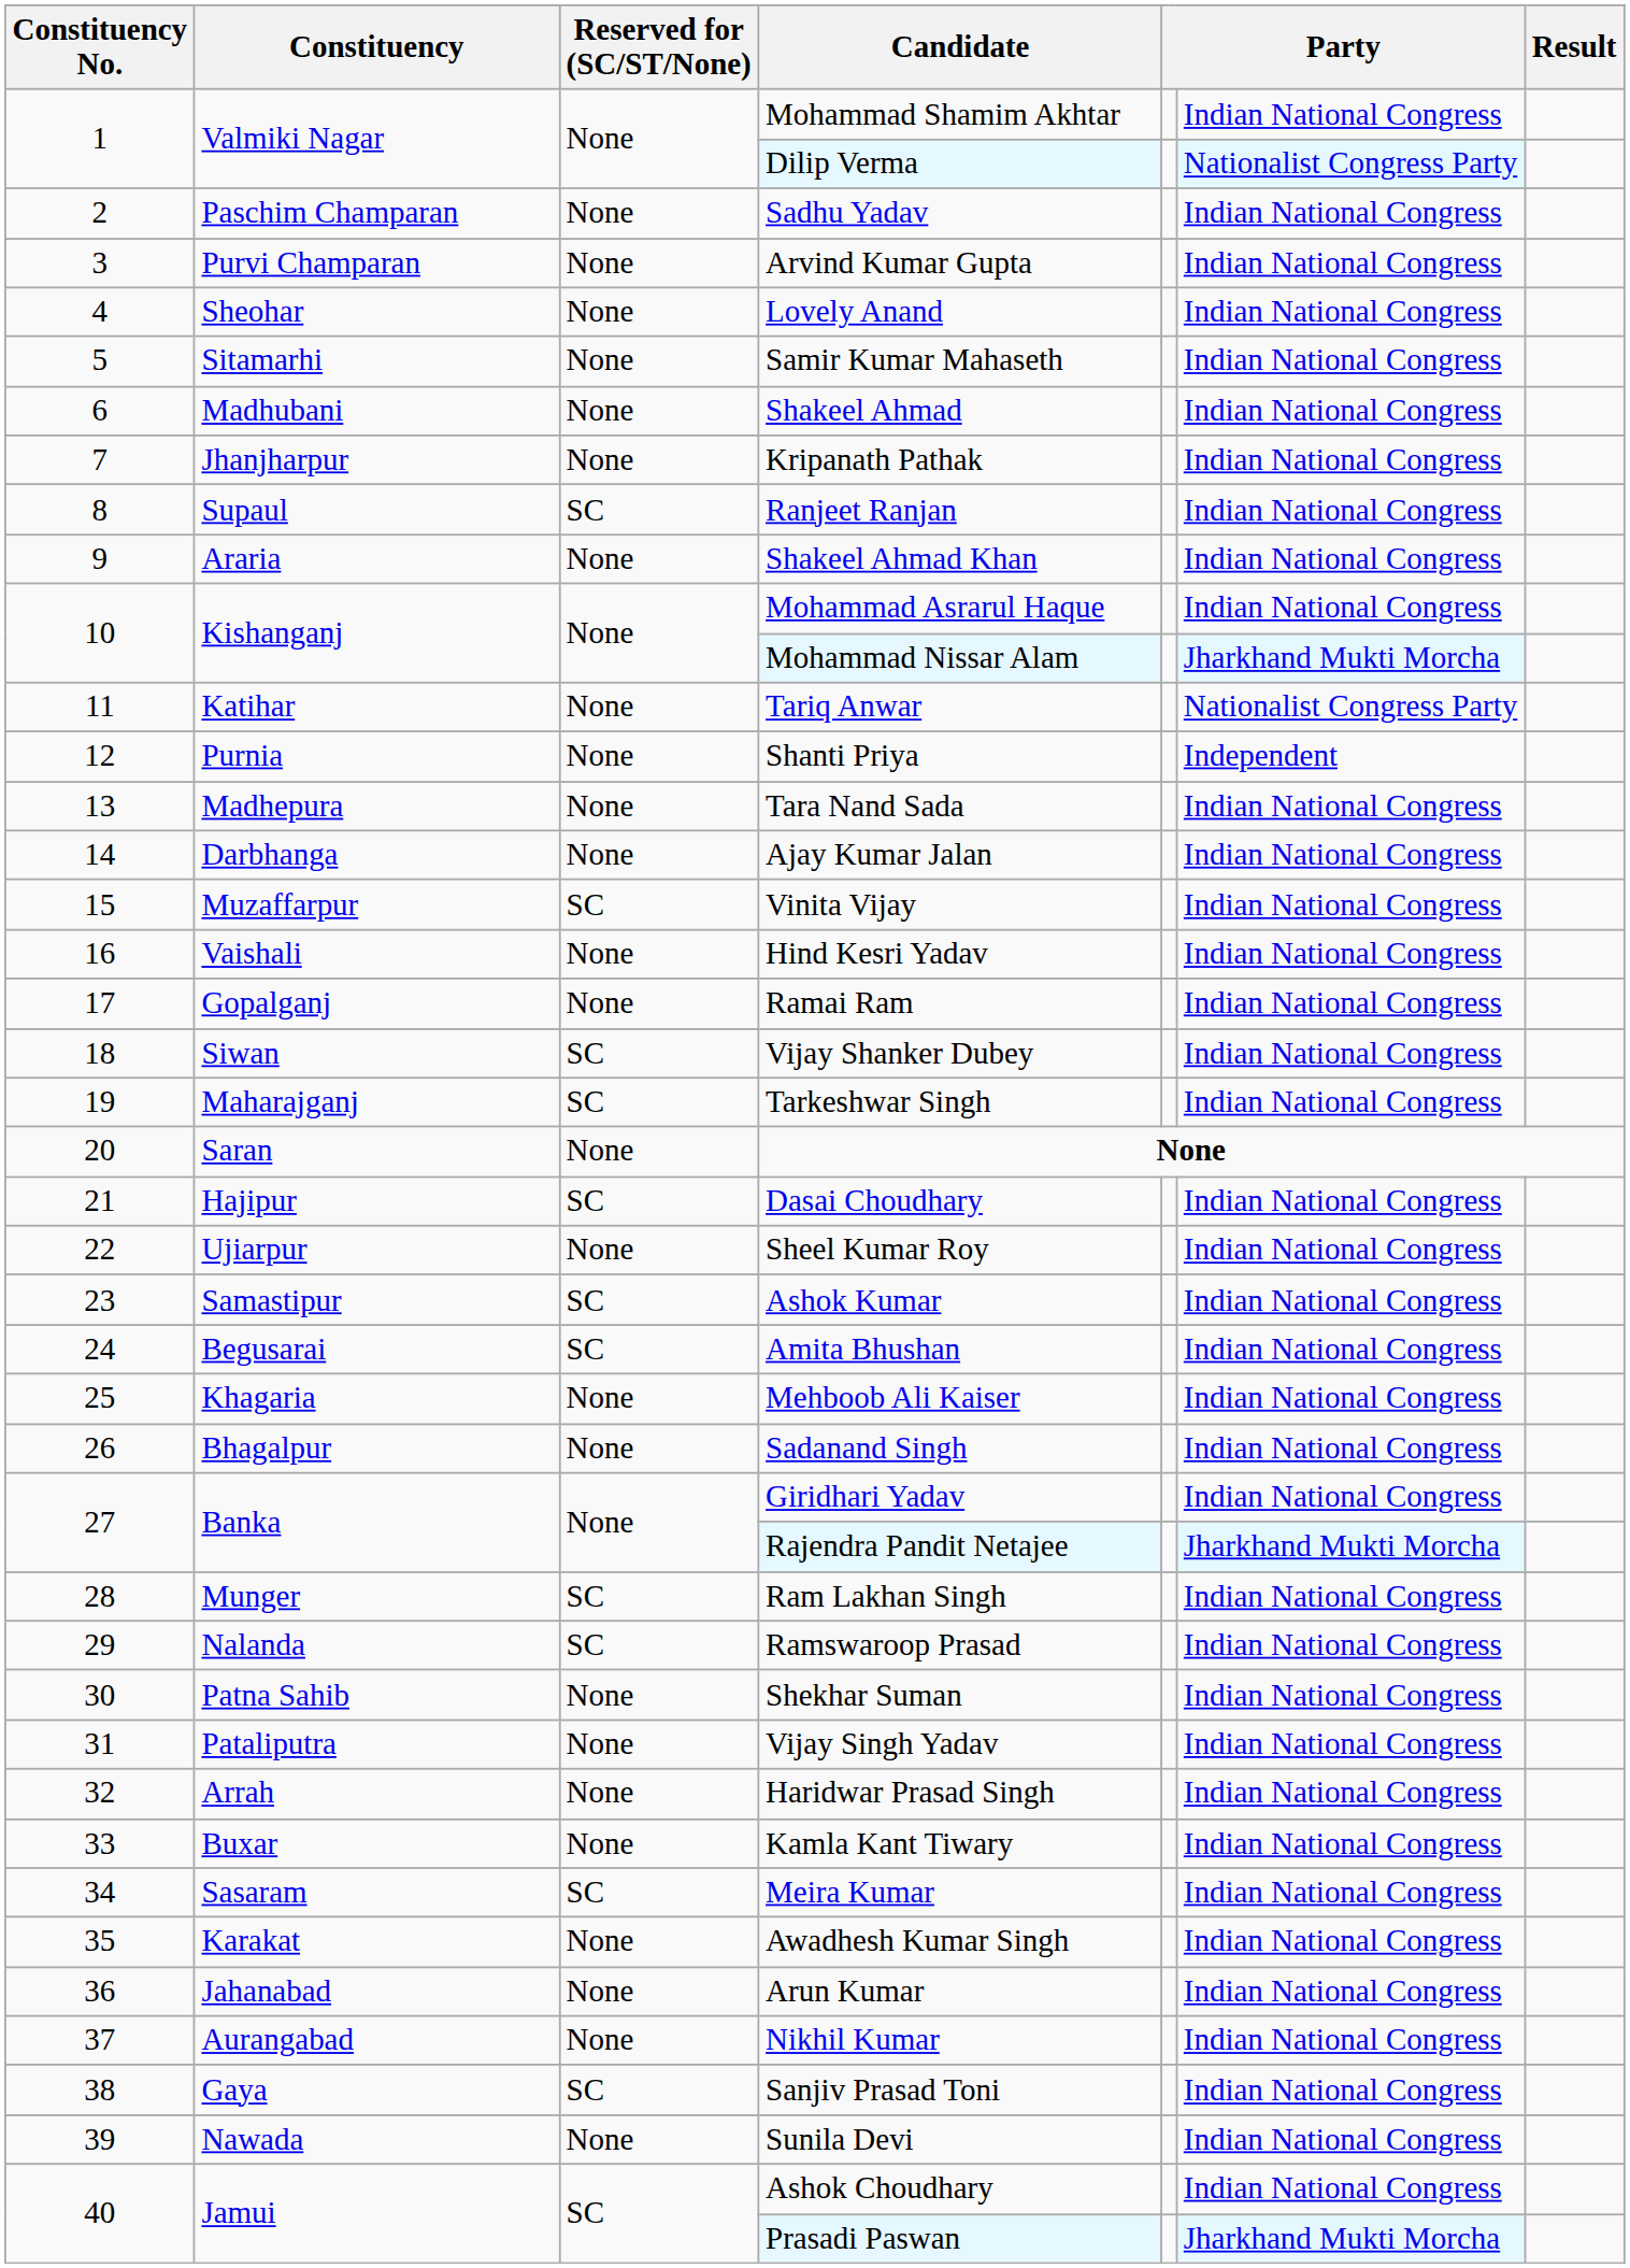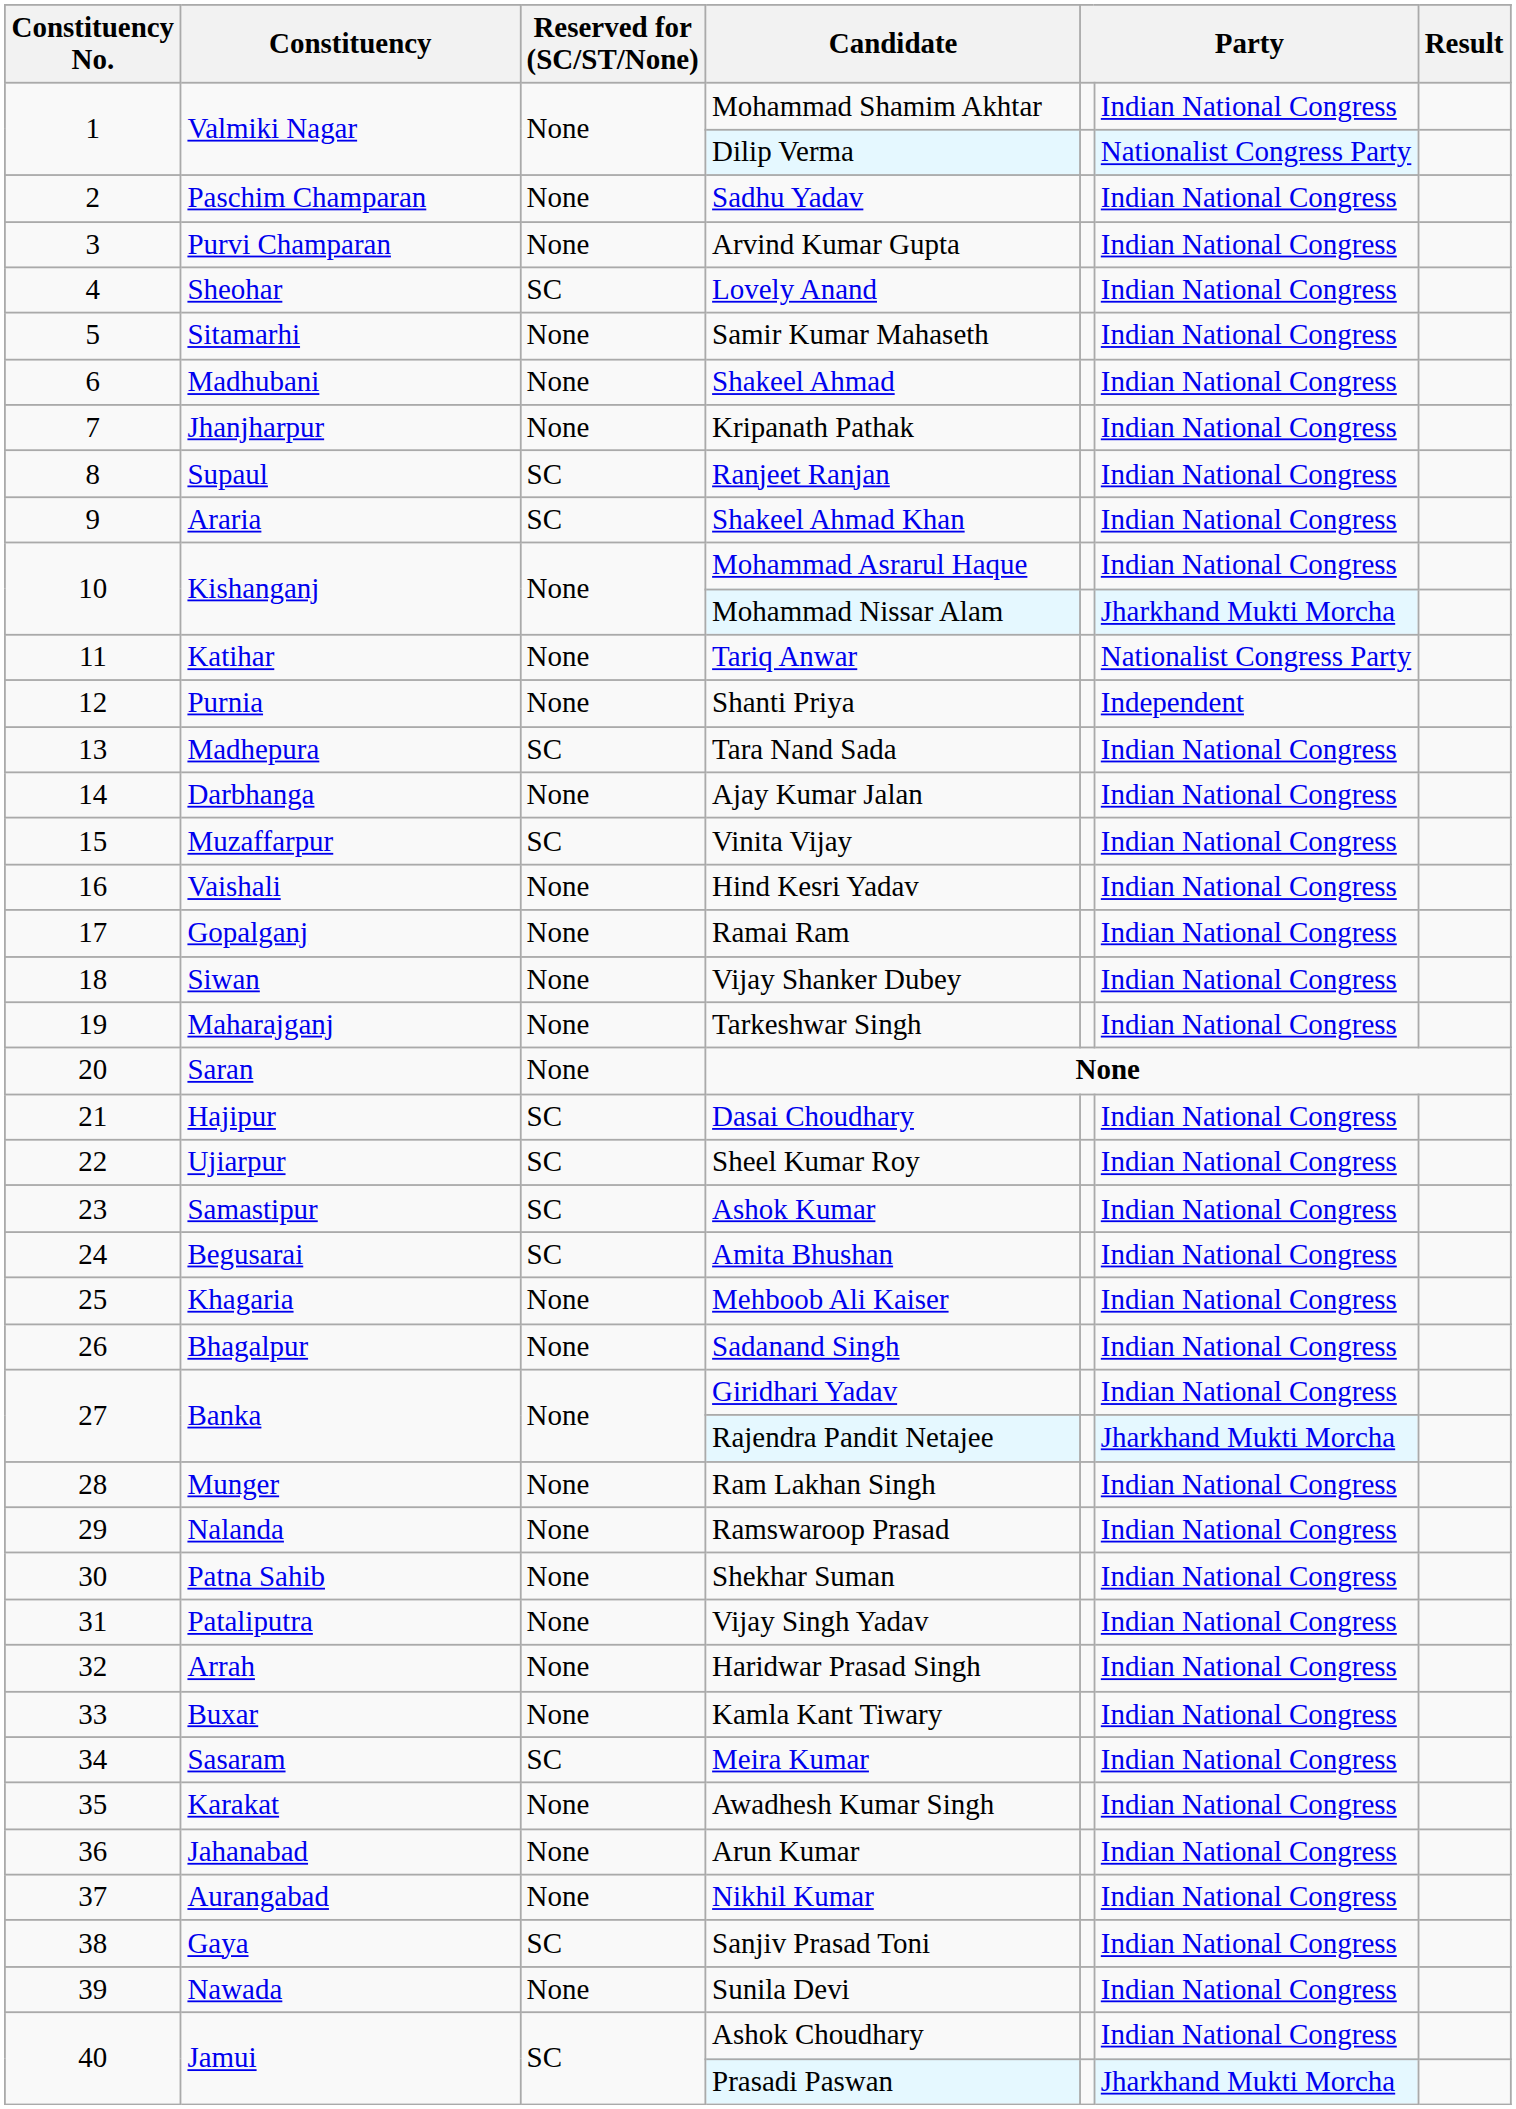 <table class= "wikitable sortable">
 <tr>
 <th>Constituency <br> No.</th>
 <th style="width:180px;">Constituency</th>
 <th>Reserved for<br>(SC/ST/None)</th>
 <th style="width:200px;">Candidate</th>
 <th colspan="2">Party</th>
 <th>Result</th>
 </tr>
 <tr>
 <td rowspan="2" align="center">1</td>
 <td rowspan="2"><a href='#'>Valmiki Nagar</a></td>
 <td rowspan="2">None</td>
 <td>Mohammad Shamim Akhtar</td>
 <td bgcolor=></td>
 <td><a href='#'>Indian National Congress</a></td>
 <td></td>
 </tr>
 <tr>
 <td style="background:#E5F8FF">Dilip Verma</td>
 <td bgcolor=></td>
 <td style="background:#E5F8FF"><a href='#'>Nationalist Congress Party</a></td>
 <td></td>
 </tr>
 <tr>
 <td align="center">2</td>
 <td><a href='#'>Paschim Champaran</a></td>
 <td>None</td>
 <td><a href='#'>Sadhu Yadav</a></td>
 <td bgcolor=></td>
 <td><a href='#'>Indian National Congress</a></td>
 <td></td>
 </tr>
 <tr>
 <td align="center">3</td>
 <td><a href='#'>Purvi Champaran</a></td>
 <td>None</td>
 <td>Arvind Kumar Gupta</td>
 <td bgcolor=></td>
 <td><a href='#'>Indian National Congress</a></td>
 <td></td>
 </tr>
 <tr>
 <td align="center">4</td>
 <td><a href='#'>Sheohar</a></td>
-<td>None</td>
+<td>SC</td>
 <td><a href='#'>Lovely Anand</a></td>
 <td bgcolor=></td>
 <td><a href='#'>Indian National Congress</a></td>
 <td></td>
 </tr>
 <tr>
 <td align="center">5</td>
 <td><a href='#'>Sitamarhi</a></td>
 <td>None</td>
 <td>Samir Kumar Mahaseth</td>
 <td bgcolor=></td>
 <td><a href='#'>Indian National Congress</a></td>
 <td></td>
 </tr>
 <tr>
 <td align="center">6</td>
 <td><a href='#'>Madhubani</a></td>
 <td>None</td>
 <td><a href='#'>Shakeel Ahmad</a></td>
 <td bgcolor=></td>
 <td><a href='#'>Indian National Congress</a></td>
 <td></td>
 </tr>
 <tr>
 <td align="center">7</td>
 <td><a href='#'>Jhanjharpur</a></td>
 <td>None</td>
 <td>Kripanath Pathak</td>
 <td bgcolor=></td>
 <td><a href='#'>Indian National Congress</a></td>
 <td></td>
 </tr>
 <tr>
 <td align="center">8</td>
 <td><a href='#'>Supaul</a></td>
 <td>SC</td>
 <td><a href='#'>Ranjeet Ranjan</a></td>
 <td bgcolor=></td>
 <td><a href='#'>Indian National Congress</a></td>
 <td></td>
 </tr>
 <tr>
 <td align="center">9</td>
 <td><a href='#'>Araria</a></td>
-<td>None</td>
+<td>SC</td>
 <td><a href='#'>Shakeel Ahmad Khan</a></td>
 <td bgcolor=></td>
 <td><a href='#'>Indian National Congress</a></td>
 <td></td>
 </tr>
 <tr>
 <td rowspan="2" align="center">10</td>
 <td rowspan="2"><a href='#'>Kishanganj</a></td>
 <td rowspan="2">None</td>
 <td><a href='#'>Mohammad Asrarul Haque</a></td>
 <td bgcolor=></td>
 <td><a href='#'>Indian National Congress</a></td>
 <td></td>
 </tr>
 <tr>
 <td style="background:#E5F8FF">Mohammad Nissar Alam</td>
 <td bgcolor=></td>
 <td style="background:#E5F8FF"><a href='#'>Jharkhand Mukti Morcha</a></td>
 <td></td>
 </tr>
 <tr>
 <td align="center">11</td>
 <td><a href='#'>Katihar</a></td>
 <td>None</td>
 <td><a href='#'>Tariq Anwar</a></td>
 <td bgcolor=></td>
 <td><a href='#'>Nationalist Congress Party</a></td>
 <td></td>
 </tr>
 <tr>
 <td align="center">12</td>
 <td><a href='#'>Purnia</a></td>
 <td>None</td>
 <td>Shanti Priya </td>
 <td bgcolor=></td>
 <td><a href='#'>Independent</a></td>
 <td></td>
 </tr>
 <tr>
 <td align="center">13</td>
 <td><a href='#'>Madhepura</a></td>
-<td>None</td>
+<td>SC</td>
 <td>Tara Nand Sada</td>
 <td bgcolor=></td>
 <td><a href='#'>Indian National Congress</a></td>
 <td></td>
 </tr>
 <tr>
 <td align="center">14</td>
 <td><a href='#'>Darbhanga</a></td>
 <td>None</td>
 <td>Ajay Kumar Jalan</td>
 <td bgcolor=></td>
 <td><a href='#'>Indian National Congress</a></td>
 <td></td>
 </tr>
 <tr>
 <td align="center">15</td>
 <td><a href='#'>Muzaffarpur</a></td>
 <td>SC</td>
 <td>Vinita Vijay</td>
 <td bgcolor=></td>
 <td><a href='#'>Indian National Congress</a></td>
 <td></td>
 </tr>
 <tr>
 <td align="center">16</td>
 <td><a href='#'>Vaishali</a></td>
 <td>None</td>
 <td>Hind Kesri Yadav</td>
 <td bgcolor=></td>
 <td><a href='#'>Indian National Congress</a></td>
 <td></td>
 </tr>
 <tr>
 <td align="center">17</td>
 <td><a href='#'>Gopalganj</a></td>
 <td>None</td>
 <td>Ramai Ram</td>
 <td bgcolor=></td>
 <td><a href='#'>Indian National Congress</a></td>
 <td></td>
 </tr>
 <tr>
 <td align="center">18</td>
 <td><a href='#'>Siwan</a></td>
-<td>SC</td>
+<td>None</td>
 <td>Vijay Shanker Dubey</td>
 <td bgcolor=></td>
 <td><a href='#'>Indian National Congress</a></td>
 <td></td>
 </tr>
 <tr>
 <td align="center">19</td>
 <td><a href='#'>Maharajganj</a></td>
-<td>SC</td>
+<td>None</td>
 <td>Tarkeshwar Singh</td>
 <td bgcolor=></td>
 <td><a href='#'>Indian National Congress</a></td>
 <td></td>
 </tr>
 <tr>
 <td align="center">20</td>
 <td><a href='#'>Saran</a></td>
 <td>None</td>
 <td align="center" colspan=4><strong>None</strong></td>
 </tr>
 <tr>
 <td align="center">21</td>
 <td><a href='#'>Hajipur</a></td>
 <td>SC</td>
 <td><a href='#'>Dasai Choudhary</a></td>
 <td bgcolor=></td>
 <td><a href='#'>Indian National Congress</a></td>
 <td></td>
 </tr>
 <tr>
 <td align="center">22</td>
 <td><a href='#'>Ujiarpur</a></td>
-<td>None</td>
+<td>SC</td>
 <td>Sheel Kumar Roy</td>
 <td bgcolor=></td>
 <td><a href='#'>Indian National Congress</a></td>
 <td></td>
 </tr>
 <tr>
 <td align="center">23</td>
 <td><a href='#'>Samastipur</a></td>
 <td>SC</td>
 <td><a href='#'>Ashok Kumar</a></td>
 <td bgcolor=></td>
 <td><a href='#'>Indian National Congress</a></td>
 <td></td>
 </tr>
 <tr>
 <td align="center">24</td>
 <td><a href='#'>Begusarai</a></td>
 <td>SC</td>
 <td><a href='#'>Amita Bhushan</a></td>
 <td bgcolor=></td>
 <td><a href='#'>Indian National Congress</a></td>
 <td></td>
 </tr>
 <tr>
 <td align="center">25</td>
 <td><a href='#'>Khagaria</a></td>
 <td>None</td>
 <td><a href='#'>Mehboob Ali Kaiser</a></td>
 <td bgcolor=></td>
 <td><a href='#'>Indian National Congress</a></td>
 <td></td>
 </tr>
 <tr>
 <td align="center">26</td>
 <td><a href='#'>Bhagalpur</a></td>
 <td>None</td>
 <td><a href='#'>Sadanand Singh</a></td>
 <td bgcolor=></td>
 <td><a href='#'>Indian National Congress</a></td>
 <td></td>
 </tr>
 <tr>
 <td rowspan="2" align="center">27</td>
 <td rowspan="2"><a href='#'>Banka</a></td>
 <td rowspan="2">None</td>
 <td><a href='#'>Giridhari Yadav</a></td>
 <td bgcolor=></td>
 <td><a href='#'>Indian National Congress</a></td>
 <td></td>
 </tr>
 <tr>
 <td style="background:#E5F8FF">Rajendra Pandit Netajee</td>
 <td bgcolor=></td>
 <td style="background:#E5F8FF"><a href='#'>Jharkhand Mukti Morcha</a></td>
 <td></td>
 </tr>
 <tr>
 <td align="center">28</td>
 <td><a href='#'>Munger</a></td>
-<td>SC</td>
+<td>None</td>
 <td>Ram Lakhan Singh</td>
 <td bgcolor=></td>
 <td><a href='#'>Indian National Congress</a></td>
 <td></td>
 </tr>
 <tr>
 <td align="center">29</td>
 <td><a href='#'>Nalanda</a></td>
-<td>SC</td>
+<td>None</td>
 <td>Ramswaroop Prasad</td>
 <td bgcolor=></td>
 <td><a href='#'>Indian National Congress</a></td>
 <td></td>
 </tr>
 <tr>
 <td align="center">30</td>
 <td><a href='#'>Patna Sahib</a></td>
 <td>None</td>
 <td>Shekhar Suman</td>
 <td bgcolor=></td>
 <td><a href='#'>Indian National Congress</a></td>
 <td></td>
 </tr>
 <tr>
 <td align="center">31</td>
 <td><a href='#'>Pataliputra</a></td>
 <td>None</td>
 <td>Vijay Singh Yadav</td>
 <td bgcolor=></td>
 <td><a href='#'>Indian National Congress</a></td>
 <td></td>
 </tr>
 <tr>
 <td align="center">32</td>
 <td><a href='#'>Arrah</a></td>
 <td>None</td>
 <td>Haridwar Prasad Singh</td>
 <td bgcolor=></td>
 <td><a href='#'>Indian National Congress</a></td>
 <td></td>
 </tr>
 <tr>
 <td align="center">33</td>
 <td><a href='#'>Buxar</a></td>
 <td>None</td>
 <td>Kamla Kant Tiwary</td>
 <td bgcolor=></td>
 <td><a href='#'>Indian National Congress</a></td>
 <td></td>
 </tr>
 <tr>
 <td align="center">34</td>
 <td><a href='#'>Sasaram</a></td>
 <td>SC</td>
 <td><a href='#'>Meira Kumar</a></td>
 <td bgcolor=></td>
 <td><a href='#'>Indian National Congress</a></td>
 <td></td>
 </tr>
 <tr>
 <td align="center">35</td>
 <td><a href='#'>Karakat</a></td>
 <td>None</td>
 <td>Awadhesh Kumar Singh</td>
 <td bgcolor=></td>
 <td><a href='#'>Indian National Congress</a></td>
 <td></td>
 </tr>
 <tr>
 <td align="center">36</td>
 <td><a href='#'>Jahanabad</a></td>
 <td>None</td>
 <td>Arun Kumar</td>
 <td bgcolor=></td>
 <td><a href='#'>Indian National Congress</a></td>
 <td></td>
 </tr>
 <tr>
 <td align="center">37</td>
 <td><a href='#'>Aurangabad</a></td>
 <td>None</td>
 <td><a href='#'>Nikhil Kumar</a></td>
 <td bgcolor=></td>
 <td><a href='#'>Indian National Congress</a></td>
 <td></td>
 </tr>
 <tr>
 <td align="center">38</td>
 <td><a href='#'>Gaya</a></td>
 <td>SC</td>
 <td>Sanjiv Prasad Toni</td>
 <td bgcolor=></td>
 <td><a href='#'>Indian National Congress</a></td>
 <td></td>
 </tr>
 <tr>
 <td align="center">39</td>
 <td><a href='#'>Nawada</a></td>
 <td>None</td>
 <td>Sunila Devi</td>
 <td bgcolor=></td>
 <td><a href='#'>Indian National Congress</a></td>
 <td></td>
 </tr>
 <tr>
 <td rowspan="2" align="center">40</td>
 <td rowspan="2"><a href='#'>Jamui</a></td>
 <td rowspan="2">SC</td>
 <td>Ashok Choudhary</td>
 <td bgcolor=></td>
 <td><a href='#'>Indian National Congress</a></td>
 <td></td>
 </tr>
 <tr>
 <td style="background:#E5F8FF">Prasadi Paswan</td>
 <td bgcolor=></td>
 <td style="background:#E5F8FF"><a href='#'>Jharkhand Mukti Morcha</a></td>
 <td></td>
 </tr>
 </table>
